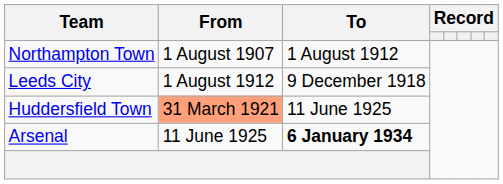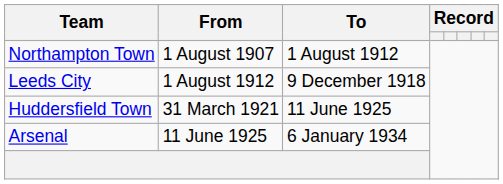 <table class=wikitable style="text-align: center">
 <tr>
 <th rowspan=2>Team</th>
 <th rowspan=2>From</th>
 <th rowspan=2>To</th>
 <th colspan=5>Record</th>
 </tr>
 <tr>
 <th></th>
 <th></th>
 <th></th>
 <th></th>
 <th></th>
 </tr>
 <tr>
 <td align=left><a href='#'>Northampton Town</a></td>
 <td align=left>1 August 1907</td>
 <td align=left>1 August 1912<br></td>
 </tr>
 <tr>
 <td align=left><a href='#'>Leeds City</a></td>
 <td align=left>1 August 1912</td>
 <td align=left>9 December 1918<br></td>
 </tr>
 <tr>
 <td align=left><a href='#'>Huddersfield Town</a></td>
-<td align=left style="background: lightsalmon;">31 March 1921</td>
+<td align=left>31 March 1921</td>
 <td align=left>11 June 1925<br></td>
 </tr>
 <tr>
 <td align=left><a href='#'>Arsenal</a></td>
 <td align=left>11 June 1925</td>
-<td align=left><strong>6 January 1934<br></strong></td>
+<td align=left>6 January 1934<br></td>
 </tr>
 <tr>
 <th colspan=3><br></th>
 </tr>
 </table>
